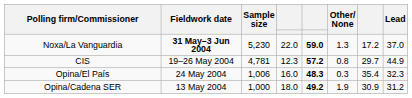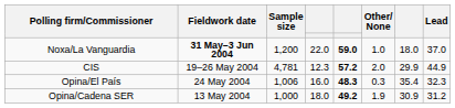 <table class="wikitable collapsible collapsed" style="text-align:center; font-size:90%; line-height:14px;">
 <tr style="height:42px;">
 <th style="width:250px;" rowspan="2">Polling firm/Commissioner</th>
 <th style="width:125px;" rowspan="2">Fieldwork date</th>
 <th style="width:50px;" rowspan="2">Sample size</th>
 <th style="width:35px;"></th>
 <th style="width:35px;"></th>
 <th style="width:35px;" rowspan="2">Other/<br>None</th>
 <th style="width:35px;" rowspan="2"></th>
 <th style="width:30px;" rowspan="2">Lead</th>
 </tr>
 <tr>
 <th style="color:inherit;background:"></th>
 <th style="color:inherit;background:"></th>
 </tr>
 <tr>
 <td>Noxa/La Vanguardia</td>
 <td><strong>31 May–3 Jun 2004</strong></td>
-<td>5,230</td>
+<td>1,200</td>
 <td>22.0</td>
 <td><strong>59.0</strong></td>
-<td>1.3</td>
-<td>17.2</td>
+<td>1.0</td>
+<td>18.0</td>
 <td style="background:">37.0</td>
 </tr>
 <tr>
 <td>CIS</td>
 <td>19–26 May 2004</td>
 <td>4,781</td>
 <td>12.3</td>
 <td><strong>57.2</strong></td>
-<td>0.8</td>
-<td>29.7</td>
+<td>2.0</td>
+<td>29.9</td>
 <td style="background:">44.9</td>
 </tr>
 <tr>
 <td>Opina/El País</td>
 <td>24 May 2004</td>
 <td>1,006</td>
 <td>16.0</td>
 <td><strong>48.3</strong></td>
 <td>0.3</td>
 <td>35.4</td>
 <td style="background:">32.3</td>
 </tr>
 <tr>
 <td>Opina/Cadena SER</td>
 <td>13 May 2004</td>
 <td>1,000</td>
 <td>18.0</td>
 <td><strong>49.2</strong></td>
 <td>1.9</td>
 <td>30.9</td>
 <td style="background:">31.2</td>
 </tr>
 </table>
